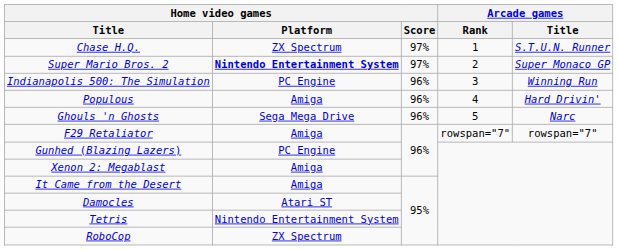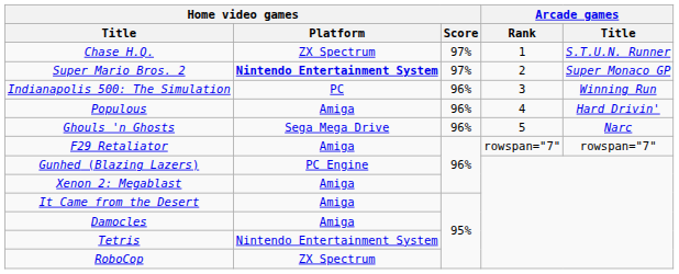 <table class="wikitable sortable" style="text-align:center;">
 <tr>
 <th colspan="3">Home video games</th>
 <th colspan="2"><a href='#'>Arcade games</a></th>
 </tr>
 <tr>
 <th>Title</th>
 <th>Platform</th>
 <th>Score</th>
 <th>Rank</th>
 <th>Title</th>
 </tr>
 <tr>
 <td><em><a href='#'>Chase H.Q.</a></em></td>
 <td><a href='#'>ZX Spectrum</a></td>
 <td>97%</td>
 <td>1</td>
 <td><em><a href='#'>S.T.U.N. Runner</a></em></td>
 </tr>
 <tr>
 <td><em><a href='#'>Super Mario Bros. 2</a></em></td>
 <td><strong><a href='#'>Nintendo Entertainment System</a></strong></td>
 <td>97%</td>
 <td>2</td>
 <td><em><a href='#'>Super Monaco GP</a></em></td>
 </tr>
 <tr>
 <td><em><a href='#'>Indianapolis 500: The Simulation</a></em></td>
-<td><a href='#'>PC Engine</a></td>
+<td><a href='#'>PC</a></td>
 <td>96%</td>
 <td>3</td>
 <td><em><a href='#'>Winning Run</a></em></td>
 </tr>
 <tr>
 <td><em><a href='#'>Populous</a></em></td>
 <td><a href='#'>Amiga</a></td>
 <td>96%</td>
 <td>4</td>
 <td><em><a href='#'>Hard Drivin'</a></em></td>
 </tr>
 <tr>
 <td><em><a href='#'>Ghouls 'n Ghosts</a></em></td>
 <td><a href='#'>Sega Mega Drive</a></td>
 <td>96%</td>
 <td>5</td>
 <td><a href='#'><em>Narc</em></a></td>
 </tr>
 <tr>
 <td><em><a href='#'>F29 Retaliator</a></em></td>
 <td><a href='#'>Amiga</a></td>
 <td rowspan="3">96%</td>
 <td>rowspan="7" </td>
 <td>rowspan="7" </td>
 </tr>
 <tr>
 <td><a href='#'><em>Gunhed</em> (<em>Blazing Lazers</em>)</a></td>
 <td><a href='#'>PC Engine</a></td>
 </tr>
 <tr>
 <td><em><a href='#'>Xenon 2: Megablast</a></em></td>
 <td><a href='#'>Amiga</a></td>
 </tr>
 <tr>
 <td><em><a href='#'>It Came from the Desert</a></em></td>
 <td><a href='#'>Amiga</a></td>
 <td rowspan="4">95%</td>
 </tr>
 <tr>
 <td><em><a href='#'>Damocles</a></em></td>
-<td><a href='#'>Atari ST</a></td>
+<td><a href='#'>Amiga</a></td>
 </tr>
 <tr>
 <td><em><a href='#'>Tetris</a></em></td>
 <td><a href='#'>Nintendo Entertainment System</a></td>
 </tr>
 <tr>
 <td><em><a href='#'>RoboCop</a></em></td>
 <td><a href='#'>ZX Spectrum</a></td>
 </tr>
 </table>
